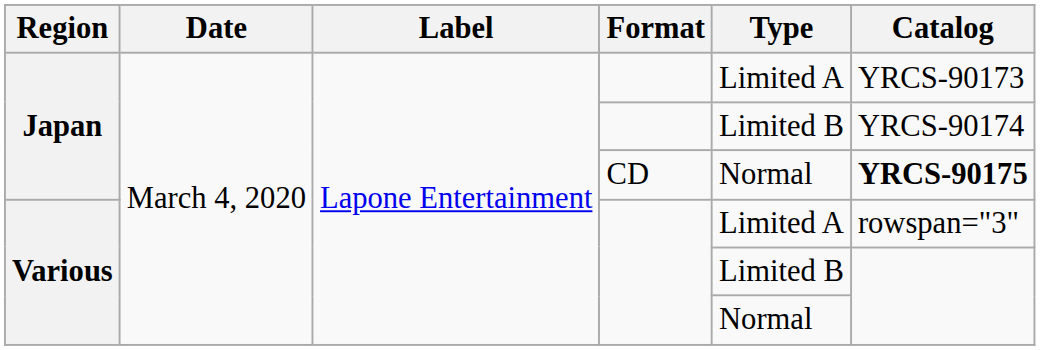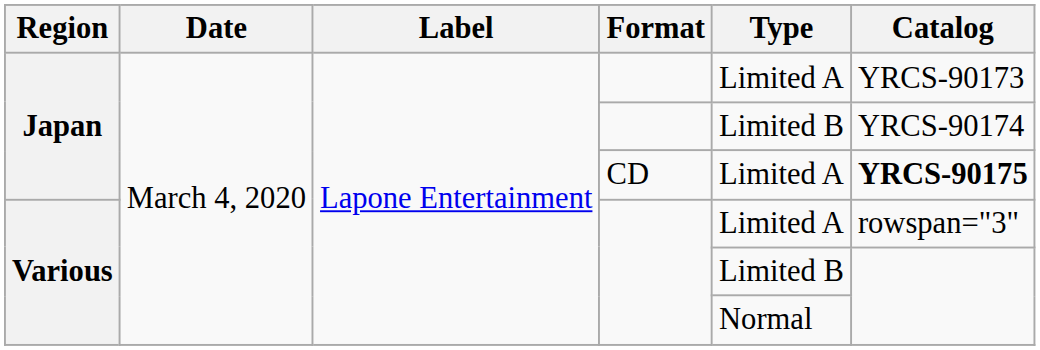 <table class="wikitable plainrowheaders">
 <tr>
 <th>Region</th>
 <th>Date</th>
 <th>Label</th>
 <th>Format</th>
 <th>Type</th>
 <th>Catalog</th>
 </tr>
 <tr>
 <th rowspan="3" scope="row">Japan</th>
 <td rowspan="6">March 4, 2020</td>
 <td rowspan="6"><a href='#'>Lapone Entertainment</a></td>
 <td></td>
 <td>Limited A</td>
 <td>YRCS-90173</td>
 </tr>
 <tr>
 <td></td>
 <td>Limited B</td>
 <td>YRCS-90174</td>
 </tr>
 <tr>
 <td>CD</td>
-<td>Normal</td>
+<td>Limited A</td>
 <td><strong>YRCS-90175</strong></td>
 </tr>
 <tr>
 <th scope="row" rowspan="3">Various</th>
 <td rowspan="3"></td>
 <td>Limited A</td>
 <td>rowspan="3" </td>
 </tr>
 <tr>
 <td>Limited B</td>
 </tr>
 <tr>
 <td>Normal</td>
 </tr>
 </table>
